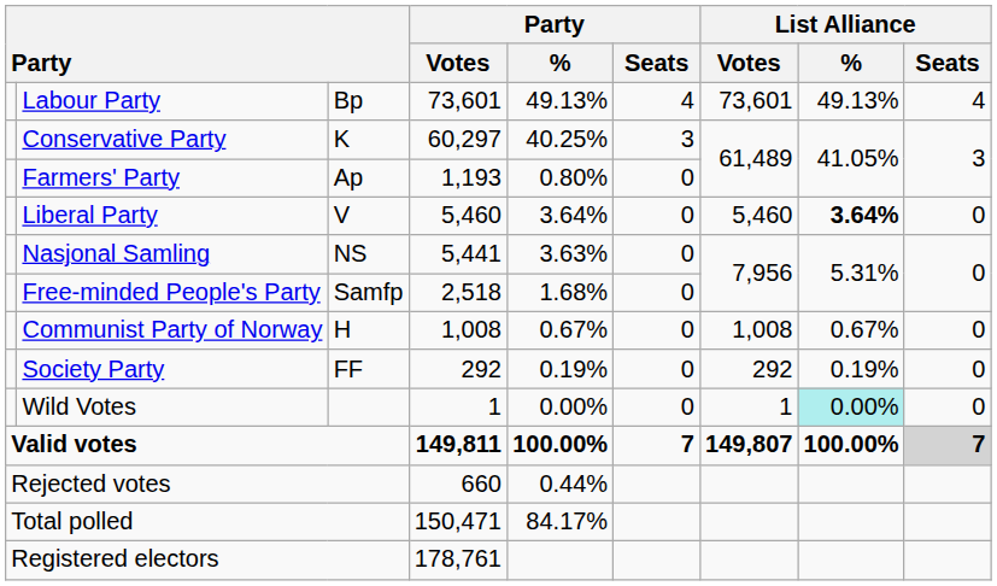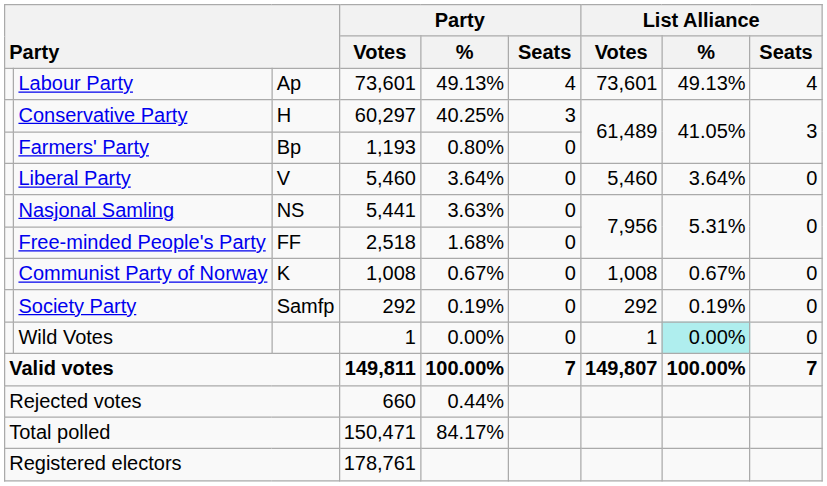 <table class="wikitable" border="1" style="text-align:right;">
 <tr>
 <th style="text-align:left;" valign=bottom rowspan=2 colspan=3>Party</th>
 <th colspan=3>Party</th>
 <th colspan=3>List Alliance</th>
 </tr>
 <tr>
 <th align=center valign=bottom width="50">Votes</th>
 <th align=center valign=bottom width="50">%</th>
 <th align=center valign=bottom width="50">Seats</th>
 <th align=center valign=bottom width="50">Votes</th>
 <th align=center valign=bottom width="50">%</th>
 <th align=center valign=bottom width="50">Seats</th>
 </tr>
 <tr>
 <td style="color:inherit;background:"></td>
 <td align=left><a href='#'>Labour Party</a></td>
-<td align=left>Bp</td>
+<td align=left>Ap</td>
 <td>73,601</td>
 <td>49.13%</td>
 <td>4</td>
 <td>73,601</td>
 <td>49.13%</td>
 <td>4</td>
 </tr>
 <tr>
 <td style="color:inherit;background:"></td>
 <td align=left><a href='#'>Conservative Party</a></td>
-<td align=left>K</td>
+<td align=left>H</td>
 <td>60,297</td>
 <td>40.25%</td>
 <td>3</td>
 <td rowspan=2>61,489</td>
 <td rowspan=2>41.05%</td>
 <td rowspan=2>3</td>
 </tr>
 <tr>
 <td style="color:inherit;background:"></td>
 <td align=left><a href='#'>Farmers' Party</a></td>
-<td align=left>Ap</td>
+<td align=left>Bp</td>
 <td>1,193</td>
 <td>0.80%</td>
 <td>0</td>
 </tr>
 <tr>
 <td style="color:inherit;background:"></td>
 <td align=left><a href='#'>Liberal Party</a></td>
 <td align=left>V</td>
 <td>5,460</td>
 <td>3.64%</td>
 <td>0</td>
 <td>5,460</td>
-<td><strong>3.64%</strong></td>
+<td>3.64%</td>
 <td>0</td>
 </tr>
 <tr>
 <td style="color:inherit;background:"></td>
 <td align=left><a href='#'>Nasjonal Samling</a></td>
 <td align=left>NS</td>
 <td>5,441</td>
 <td>3.63%</td>
 <td>0</td>
 <td rowspan=2>7,956</td>
 <td rowspan=2>5.31%</td>
 <td rowspan=2>0</td>
 </tr>
 <tr>
 <td style="color:inherit;background:"></td>
 <td align=left><a href='#'>Free-minded People's Party</a></td>
-<td align=left>Samfp</td>
+<td align=left>FF</td>
 <td>2,518</td>
 <td>1.68%</td>
 <td>0</td>
 </tr>
 <tr>
 <td style="color:inherit;background:"></td>
 <td align=left><a href='#'>Communist Party of Norway</a></td>
-<td align=left>H</td>
+<td align=left>K</td>
 <td>1,008</td>
 <td>0.67%</td>
 <td>0</td>
 <td>1,008</td>
 <td>0.67%</td>
 <td>0</td>
 </tr>
 <tr>
 <td></td>
 <td align=left><a href='#'>Society Party</a></td>
-<td align=left>FF</td>
+<td align=left>Samfp</td>
 <td>292</td>
 <td>0.19%</td>
 <td>0</td>
 <td>292</td>
 <td>0.19%</td>
 <td>0</td>
 </tr>
 <tr>
 <td></td>
 <td align=left>Wild Votes</td>
 <td align=left></td>
 <td>1</td>
 <td>0.00%</td>
 <td>0</td>
 <td>1</td>
 <td style="background: paleturquoise;">0.00%</td>
 <td>0</td>
 </tr>
 <tr style="font-weight:bold">
 <td align=left colspan=3>Valid votes</td>
 <td>149,811</td>
 <td>100.00%</td>
 <td>7</td>
 <td>149,807</td>
 <td>100.00%</td>
-<td style="background: lightgrey;">7</td>
+<td>7</td>
 </tr>
 <tr>
 <td align=left colspan=3>Rejected votes</td>
 <td>660</td>
 <td>0.44%</td>
 <td></td>
 <td></td>
 <td></td>
 <td></td>
 </tr>
 <tr>
 <td align=left colspan=3>Total polled</td>
 <td>150,471</td>
 <td>84.17%</td>
 <td></td>
 <td></td>
 <td></td>
 <td></td>
 </tr>
 <tr>
 <td align=left colspan=3>Registered electors</td>
 <td>178,761</td>
 <td></td>
 <td></td>
 <td></td>
 <td></td>
 <td></td>
 </tr>
 </table>
